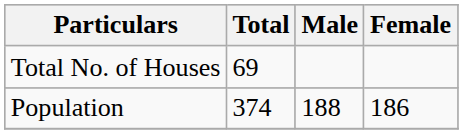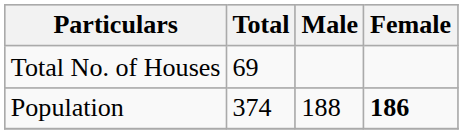 <table class="wikitable sortable">
 <tr>
 <th>Particulars</th>
 <th>Total</th>
 <th>Male</th>
 <th>Female</th>
 </tr>
 <tr>
 <td>Total No. of Houses</td>
 <td>69</td>
 <td></td>
 <td></td>
 </tr>
 <tr>
 <td>Population</td>
 <td>374</td>
 <td>188</td>
-<td>186</td>
+<td><strong>186</strong></td>
 </tr>
 <tr>
 </tr>
 </table>
